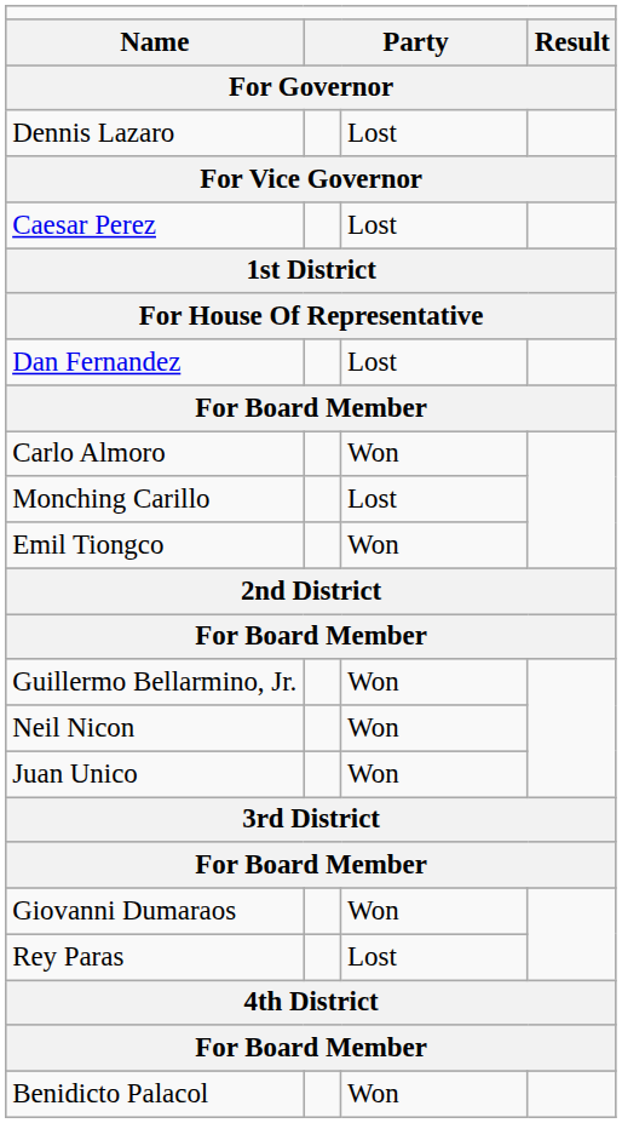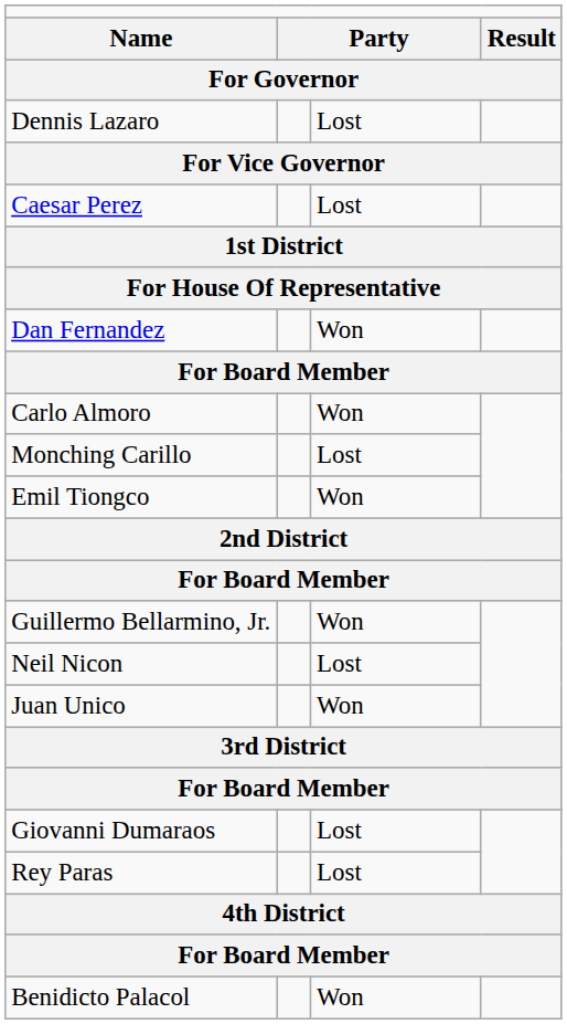 <table class="wikitable" style="font-size:90%">
 <tr>
 <td colspan="5" style="color:inherit;background:"></td>
 </tr>
 <tr>
 <th !width=150px>Name</th>
 <th colspan=2 width=110px>Party</th>
 <th>Result</th>
 </tr>
 <tr>
 <th colspan="5">For Governor</th>
 </tr>
 <tr>
 <td>Dennis Lazaro</td>
 <td></td>
 <td>Lost</td>
 </tr>
 <tr>
 <th colspan="5">For Vice Governor</th>
 </tr>
 <tr>
 <td><a href='#'>Caesar Perez</a></td>
 <td></td>
 <td>Lost</td>
 </tr>
 <tr>
 <th colspan="5">1st District</th>
 </tr>
 <tr>
 <th colspan="5">For House Of Representative</th>
 </tr>
 <tr>
 <td><a href='#'>Dan Fernandez</a></td>
 <td></td>
-<td>Lost</td>
+<td>Won</td>
 </tr>
 <tr>
 <th colspan="5">For Board Member</th>
 </tr>
 <tr>
 <td>Carlo Almoro</td>
 <td></td>
 <td>Won</td>
 </tr>
 <tr>
 <td>Monching Carillo</td>
 <td></td>
 <td>Lost</td>
 </tr>
 <tr>
 <td>Emil Tiongco</td>
 <td></td>
 <td>Won</td>
 </tr>
 <tr>
 <th colspan="5">2nd District</th>
 </tr>
 <tr>
 <th colspan="5">For Board Member</th>
 </tr>
 <tr>
 <td>Guillermo Bellarmino, Jr.</td>
 <td></td>
 <td>Won</td>
 </tr>
 <tr>
 <td>Neil Nicon</td>
 <td></td>
-<td>Won</td>
+<td>Lost</td>
 </tr>
 <tr>
 <td>Juan Unico</td>
 <td></td>
 <td>Won</td>
 </tr>
 <tr>
 <th colspan="5">3rd District</th>
 </tr>
 <tr>
 <th colspan="5">For Board Member</th>
 </tr>
 <tr>
 <td>Giovanni Dumaraos</td>
 <td></td>
-<td>Won</td>
+<td>Lost</td>
 </tr>
 <tr>
 <td>Rey Paras</td>
 <td></td>
 <td>Lost</td>
 </tr>
 <tr>
 <th colspan="5">4th District</th>
 </tr>
 <tr>
 <th colspan="5">For Board Member</th>
 </tr>
 <tr>
 <td>Benidicto Palacol</td>
 <td></td>
 <td>Won</td>
 </tr>
 </table>
